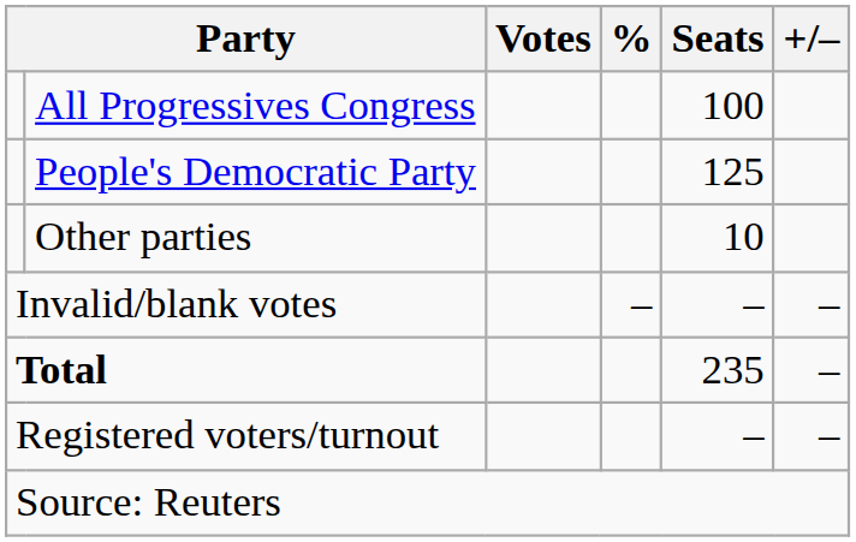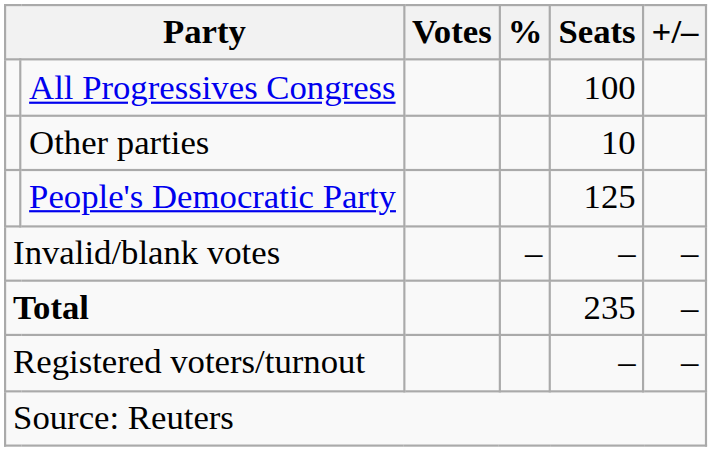 <table class=wikitable style=text-align:right>
 <tr>
 <th colspan=2>Party</th>
 <th>Votes</th>
 <th>%</th>
 <th>Seats</th>
 <th>+/–</th>
 </tr>
 <tr>
 <td style="background-color: "></td>
 <td align=left><a href='#'>All Progressives Congress</a></td>
 <td></td>
 <td></td>
 <td>100</td>
 <td></td>
 </tr>
 <tr>
+<td></td>
+<td align=left>Other parties</td>
+<td></td>
+<td></td>
+<td>10</td>
+<td></td>
+</tr>
+<tr>
 <td style="background-color: "></td>
 <td align=left><a href='#'>People's Democratic Party</a></td>
 <td></td>
 <td></td>
 <td>125</td>
-<td></td>
-</tr>
-<tr>
-<td></td>
-<td align=left>Other parties</td>
-<td></td>
-<td></td>
-<td>10</td>
 <td></td>
 </tr>
 <tr>
 <td align=left colspan=2>Invalid/blank votes</td>
 <td></td>
 <td>–</td>
 <td>–</td>
 <td>–</td>
 </tr>
 <tr>
 <td align=left colspan=2><strong>Total</strong></td>
 <td></td>
 <td></td>
 <td>235</td>
 <td>–</td>
 </tr>
 <tr>
 <td align=left colspan=2>Registered voters/turnout</td>
 <td></td>
 <td></td>
 <td>–</td>
 <td>–</td>
 </tr>
 <tr>
 <td align=left colspan=6>Source: Reuters </td>
 </tr>
 </table>
